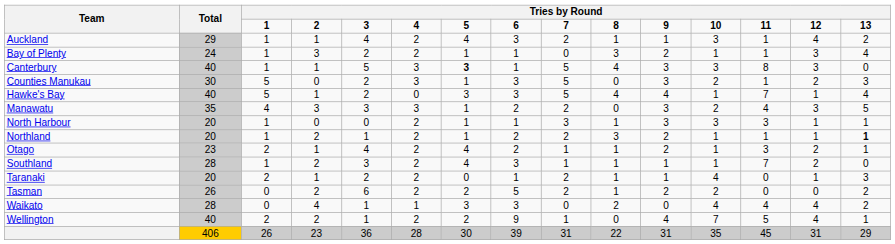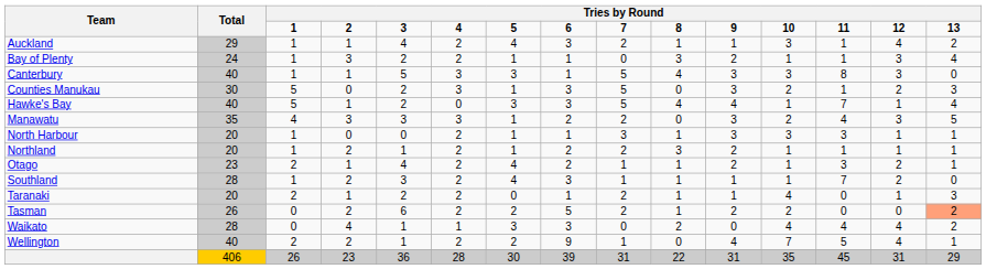 <table class="wikitable" style="text-align:center; line-height: 90%; font-size:90%;" width=80% align=left>
 <tr>
 <th rowspan=2 width=14%>Team</th>
 <th rowspan=2 width=5%>Total</th>
 <th colspan=13>Tries by Round</th>
 </tr>
 <tr>
 <td width=4%><strong>1</strong></td>
 <td width=4%><strong>2</strong></td>
 <td width=4%><strong>3</strong></td>
 <td width=4%><strong>4</strong></td>
 <td width=4%><strong>5</strong></td>
 <td width=4%><strong>6</strong></td>
 <td width=4%><strong>7</strong></td>
 <td width=4%><strong>8</strong></td>
 <td width=4%><strong>9</strong></td>
 <td width=4%><strong>10</strong></td>
 <td width=4%><strong>11</strong></td>
 <td width=4%><strong>12</strong></td>
 <td width=4%><strong>13</strong></td>
 </tr>
 <tr>
 <td align=left> <a href='#'>Auckland</a></td>
 <td bgcolor=#cccccc>29</td>
 <td>1</td>
 <td>1</td>
 <td>4</td>
 <td>2</td>
 <td>4</td>
 <td>3</td>
 <td>2</td>
 <td>1</td>
 <td>1</td>
 <td>3</td>
 <td>1</td>
 <td>4</td>
 <td>2</td>
 </tr>
 <tr>
 <td align=left> <a href='#'>Bay of Plenty</a></td>
 <td bgcolor=#cccccc>24</td>
 <td>1</td>
 <td>3</td>
 <td>2</td>
 <td>2</td>
 <td>1</td>
 <td>1</td>
 <td>0</td>
 <td>3</td>
 <td>2</td>
 <td>1</td>
 <td>1</td>
 <td>3</td>
 <td>4</td>
 </tr>
 <tr>
 <td align=left> <a href='#'>Canterbury</a></td>
 <td bgcolor=#cccccc>40</td>
 <td>1</td>
 <td>1</td>
 <td>5</td>
 <td>3</td>
-<td><strong>3</strong></td>
+<td>3</td>
 <td>1</td>
 <td>5</td>
 <td>4</td>
 <td>3</td>
 <td>3</td>
 <td>8</td>
 <td>3</td>
 <td>0</td>
 </tr>
 <tr>
 <td align=left> <a href='#'>Counties Manukau</a></td>
 <td bgcolor=#cccccc>30</td>
 <td>5</td>
 <td>0</td>
 <td>2</td>
 <td>3</td>
 <td>1</td>
 <td>3</td>
 <td>5</td>
 <td>0</td>
 <td>3</td>
 <td>2</td>
 <td>1</td>
 <td>2</td>
 <td>3</td>
 </tr>
 <tr>
 <td align=left> <a href='#'>Hawke's Bay</a></td>
 <td bgcolor=#cccccc>40</td>
 <td>5</td>
 <td>1</td>
 <td>2</td>
 <td>0</td>
 <td>3</td>
 <td>3</td>
 <td>5</td>
 <td>4</td>
 <td>4</td>
 <td>1</td>
 <td>7</td>
 <td>1</td>
 <td>4</td>
 </tr>
 <tr>
 <td align=left> <a href='#'>Manawatu</a></td>
 <td bgcolor=#cccccc>35</td>
 <td>4</td>
 <td>3</td>
 <td>3</td>
 <td>3</td>
 <td>1</td>
 <td>2</td>
 <td>2</td>
 <td>0</td>
 <td>3</td>
 <td>2</td>
 <td>4</td>
 <td>3</td>
 <td>5</td>
 </tr>
 <tr>
 <td align=left> <a href='#'>North Harbour</a></td>
 <td bgcolor=#cccccc>20</td>
 <td>1</td>
 <td>0</td>
 <td>0</td>
 <td>2</td>
 <td>1</td>
 <td>1</td>
 <td>3</td>
 <td>1</td>
 <td>3</td>
 <td>3</td>
 <td>3</td>
 <td>1</td>
 <td>1</td>
 </tr>
 <tr>
 <td align=left> <a href='#'>Northland</a></td>
 <td bgcolor=#cccccc>20</td>
 <td>1</td>
 <td>2</td>
 <td>1</td>
 <td>2</td>
 <td>1</td>
 <td>2</td>
 <td>2</td>
 <td>3</td>
 <td>2</td>
 <td>1</td>
 <td>1</td>
 <td>1</td>
-<td><strong>1</strong></td>
+<td>1</td>
 </tr>
 <tr>
 <td align=left> <a href='#'>Otago</a></td>
 <td bgcolor=#cccccc>23</td>
 <td>2</td>
 <td>1</td>
 <td>4</td>
 <td>2</td>
 <td>4</td>
 <td>2</td>
 <td>1</td>
 <td>1</td>
 <td>2</td>
 <td>1</td>
 <td>3</td>
 <td>2</td>
 <td>1</td>
 </tr>
 <tr>
 <td align=left> <a href='#'>Southland</a></td>
 <td bgcolor=#cccccc>28</td>
 <td>1</td>
 <td>2</td>
 <td>3</td>
 <td>2</td>
 <td>4</td>
 <td>3</td>
 <td>1</td>
 <td>1</td>
 <td>1</td>
 <td>1</td>
 <td>7</td>
 <td>2</td>
 <td>0</td>
 </tr>
 <tr>
 <td align=left> <a href='#'>Taranaki</a></td>
 <td bgcolor=#cccccc>20</td>
 <td>2</td>
 <td>1</td>
 <td>2</td>
 <td>2</td>
 <td>0</td>
 <td>1</td>
 <td>2</td>
 <td>1</td>
 <td>1</td>
 <td>4</td>
 <td>0</td>
 <td>1</td>
 <td>3</td>
 </tr>
 <tr>
 <td align=left> <a href='#'>Tasman</a></td>
 <td bgcolor=#cccccc>26</td>
 <td>0</td>
 <td>2</td>
 <td>6</td>
 <td>2</td>
 <td>2</td>
 <td>5</td>
 <td>2</td>
 <td>1</td>
 <td>2</td>
 <td>2</td>
 <td>0</td>
 <td>0</td>
-<td>2</td>
+<td style="background: lightsalmon;">2</td>
 </tr>
 <tr>
 <td align=left> <a href='#'>Waikato</a></td>
 <td bgcolor=#cccccc>28</td>
 <td>0</td>
 <td>4</td>
 <td>1</td>
 <td>1</td>
 <td>3</td>
 <td>3</td>
 <td>0</td>
 <td>2</td>
 <td>0</td>
 <td>4</td>
 <td>4</td>
 <td>4</td>
 <td>2</td>
 </tr>
 <tr>
 <td align=left> <a href='#'>Wellington</a></td>
 <td bgcolor=#cccccc>40</td>
 <td>2</td>
 <td>2</td>
 <td>1</td>
 <td>2</td>
 <td>2</td>
 <td>9</td>
 <td>1</td>
 <td>0</td>
 <td>4</td>
 <td>7</td>
 <td>5</td>
 <td>4</td>
 <td>1</td>
 </tr>
 <tr>
 <th></th>
 <td bgcolor=#ffcc00>406</td>
 <td bgcolor=#cccccc>26</td>
 <td bgcolor=#cccccc>23</td>
 <td bgcolor=#cccccc>36</td>
 <td bgcolor=#cccccc>28</td>
 <td bgcolor=#cccccc>30</td>
 <td bgcolor=#cccccc>39</td>
 <td bgcolor=#cccccc>31</td>
 <td bgcolor=#cccccc>22</td>
 <td bgcolor=#cccccc>31</td>
 <td bgcolor=#cccccc>35</td>
 <td bgcolor=#cccccc>45</td>
 <td bgcolor=#cccccc>31</td>
 <td bgcolor=#cccccc>29</td>
 </tr>
 </table>
